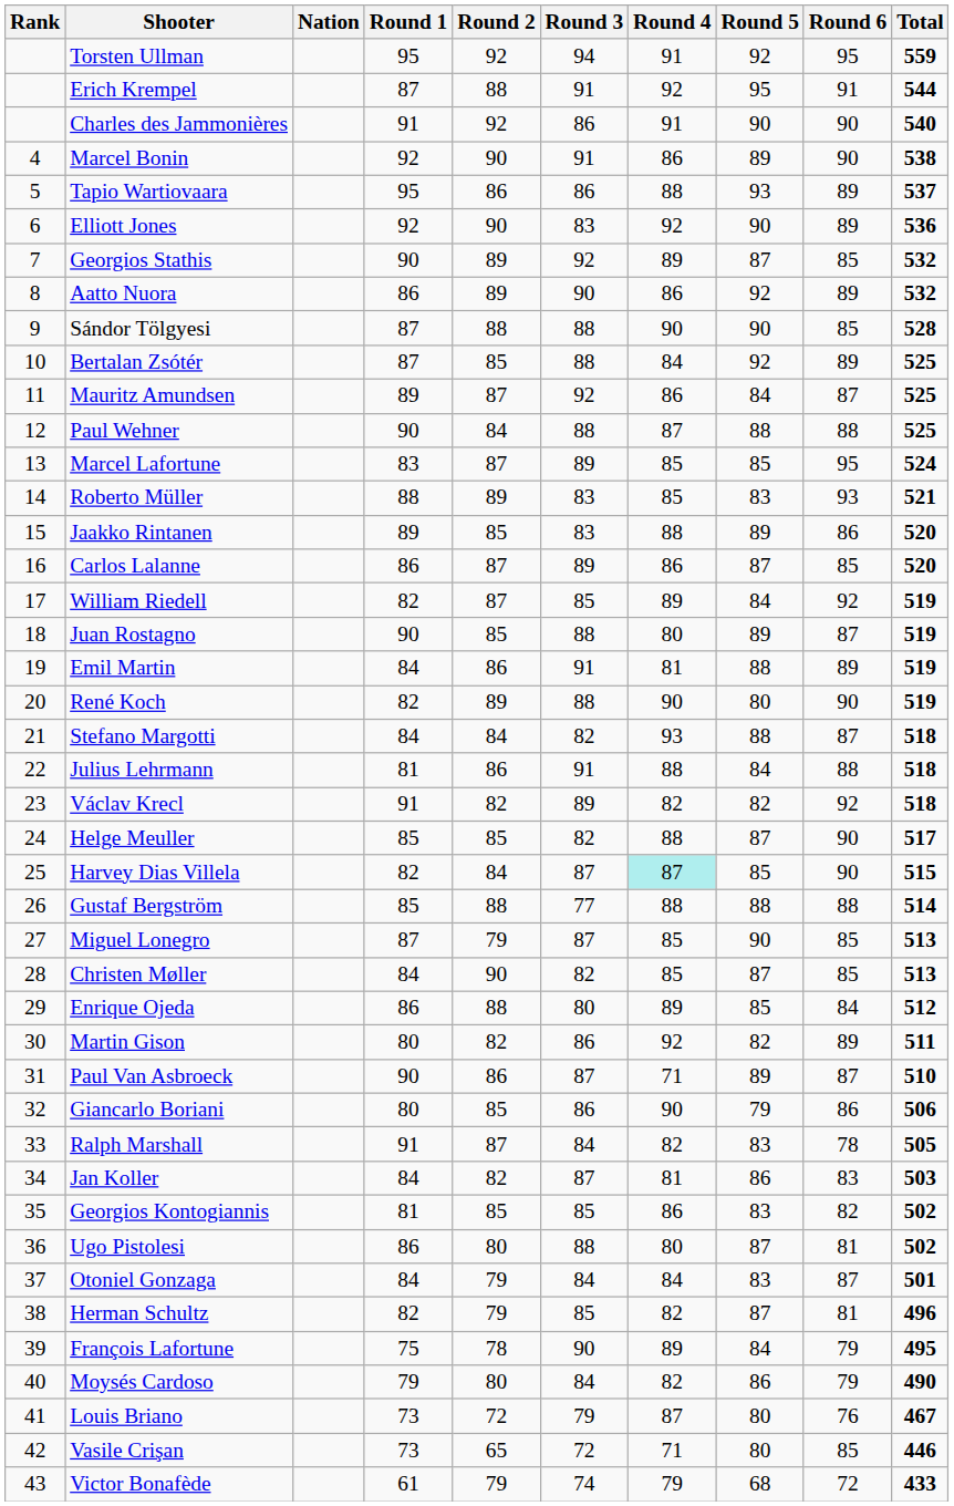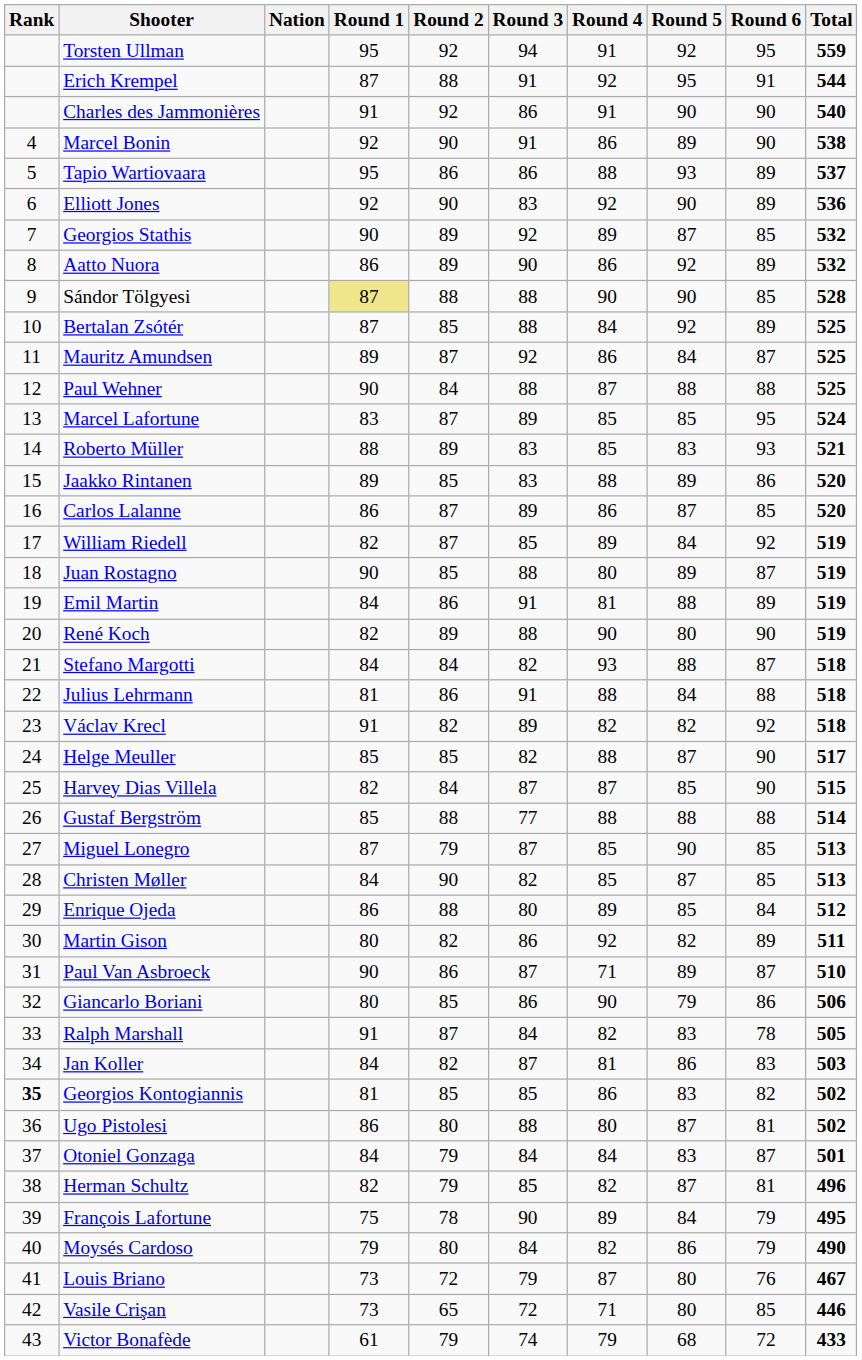 <table class="wikitable sortable" style="text-align:center">
 <tr>
 <th>Rank</th>
 <th>Shooter</th>
 <th>Nation</th>
 <th>Round 1</th>
 <th>Round 2</th>
 <th>Round 3</th>
 <th>Round 4</th>
 <th>Round 5</th>
 <th>Round 6</th>
 <th>Total</th>
 </tr>
 <tr>
 <td></td>
 <td align=left><a href='#'>Torsten Ullman</a></td>
 <td align=left></td>
 <td>95</td>
 <td>92</td>
 <td>94</td>
 <td>91</td>
 <td>92</td>
 <td>95</td>
 <td><strong>559</strong></td>
 </tr>
 <tr>
 <td></td>
 <td align=left><a href='#'>Erich Krempel</a></td>
 <td align=left></td>
 <td>87</td>
 <td>88</td>
 <td>91</td>
 <td>92</td>
 <td>95</td>
 <td>91</td>
 <td><strong>544</strong></td>
 </tr>
 <tr>
 <td></td>
 <td align=left><a href='#'>Charles des Jammonières</a></td>
 <td align=left></td>
 <td>91</td>
 <td>92</td>
 <td>86</td>
 <td>91</td>
 <td>90</td>
 <td>90</td>
 <td><strong>540</strong></td>
 </tr>
 <tr>
 <td>4</td>
 <td align=left><a href='#'>Marcel Bonin</a></td>
 <td align=left></td>
 <td>92</td>
 <td>90</td>
 <td>91</td>
 <td>86</td>
 <td>89</td>
 <td>90</td>
 <td><strong>538</strong></td>
 </tr>
 <tr>
 <td>5</td>
 <td align=left><a href='#'>Tapio Wartiovaara</a></td>
 <td align=left></td>
 <td>95</td>
 <td>86</td>
 <td>86</td>
 <td>88</td>
 <td>93</td>
 <td>89</td>
 <td><strong>537</strong></td>
 </tr>
 <tr>
 <td>6</td>
 <td align=left><a href='#'>Elliott Jones</a></td>
 <td align=left></td>
 <td>92</td>
 <td>90</td>
 <td>83</td>
 <td>92</td>
 <td>90</td>
 <td>89</td>
 <td><strong>536</strong></td>
 </tr>
 <tr>
 <td>7</td>
 <td align=left><a href='#'>Georgios Stathis</a></td>
 <td align=left></td>
 <td>90</td>
 <td>89</td>
 <td>92</td>
 <td>89</td>
 <td>87</td>
 <td>85</td>
 <td><strong>532</strong></td>
 </tr>
 <tr>
 <td>8</td>
 <td align=left><a href='#'>Aatto Nuora</a></td>
 <td align=left></td>
 <td>86</td>
 <td>89</td>
 <td>90</td>
 <td>86</td>
 <td>92</td>
 <td>89</td>
 <td><strong>532</strong></td>
 </tr>
 <tr>
 <td>9</td>
 <td align=left>Sándor Tölgyesi</td>
 <td align=left></td>
-<td>87</td>
+<td style="background: khaki;">87</td>
 <td>88</td>
 <td>88</td>
 <td>90</td>
 <td>90</td>
 <td>85</td>
 <td><strong>528</strong></td>
 </tr>
 <tr>
 <td>10</td>
 <td align=left><a href='#'>Bertalan Zsótér</a></td>
 <td align=left></td>
 <td>87</td>
 <td>85</td>
 <td>88</td>
 <td>84</td>
 <td>92</td>
 <td>89</td>
 <td><strong>525</strong></td>
 </tr>
 <tr>
 <td>11</td>
 <td align=left><a href='#'>Mauritz Amundsen</a></td>
 <td align=left></td>
 <td>89</td>
 <td>87</td>
 <td>92</td>
 <td>86</td>
 <td>84</td>
 <td>87</td>
 <td><strong>525</strong></td>
 </tr>
 <tr>
 <td>12</td>
 <td align=left><a href='#'>Paul Wehner</a></td>
 <td align=left></td>
 <td>90</td>
 <td>84</td>
 <td>88</td>
 <td>87</td>
 <td>88</td>
 <td>88</td>
 <td><strong>525</strong></td>
 </tr>
 <tr>
 <td>13</td>
 <td align=left><a href='#'>Marcel Lafortune</a></td>
 <td align=left></td>
 <td>83</td>
 <td>87</td>
 <td>89</td>
 <td>85</td>
 <td>85</td>
 <td>95</td>
 <td><strong>524</strong></td>
 </tr>
 <tr>
 <td>14</td>
 <td align=left><a href='#'>Roberto Müller</a></td>
 <td align=left></td>
 <td>88</td>
 <td>89</td>
 <td>83</td>
 <td>85</td>
 <td>83</td>
 <td>93</td>
 <td><strong>521</strong></td>
 </tr>
 <tr>
 <td>15</td>
 <td align=left><a href='#'>Jaakko Rintanen</a></td>
 <td align=left></td>
 <td>89</td>
 <td>85</td>
 <td>83</td>
 <td>88</td>
 <td>89</td>
 <td>86</td>
 <td><strong>520</strong></td>
 </tr>
 <tr>
 <td>16</td>
 <td align=left><a href='#'>Carlos Lalanne</a></td>
 <td align=left></td>
 <td>86</td>
 <td>87</td>
 <td>89</td>
 <td>86</td>
 <td>87</td>
 <td>85</td>
 <td><strong>520</strong></td>
 </tr>
 <tr>
 <td>17</td>
 <td align=left><a href='#'>William Riedell</a></td>
 <td align=left></td>
 <td>82</td>
 <td>87</td>
 <td>85</td>
 <td>89</td>
 <td>84</td>
 <td>92</td>
 <td><strong>519</strong></td>
 </tr>
 <tr>
 <td>18</td>
 <td align=left><a href='#'>Juan Rostagno</a></td>
 <td align=left></td>
 <td>90</td>
 <td>85</td>
 <td>88</td>
 <td>80</td>
 <td>89</td>
 <td>87</td>
 <td><strong>519</strong></td>
 </tr>
 <tr>
 <td>19</td>
 <td align=left><a href='#'>Emil Martin</a></td>
 <td align=left></td>
 <td>84</td>
 <td>86</td>
 <td>91</td>
 <td>81</td>
 <td>88</td>
 <td>89</td>
 <td><strong>519</strong></td>
 </tr>
 <tr>
 <td>20</td>
 <td align=left><a href='#'>René Koch</a></td>
 <td align=left></td>
 <td>82</td>
 <td>89</td>
 <td>88</td>
 <td>90</td>
 <td>80</td>
 <td>90</td>
 <td><strong>519</strong></td>
 </tr>
 <tr>
 <td>21</td>
 <td align=left><a href='#'>Stefano Margotti</a></td>
 <td align=left></td>
 <td>84</td>
 <td>84</td>
 <td>82</td>
 <td>93</td>
 <td>88</td>
 <td>87</td>
 <td><strong>518</strong></td>
 </tr>
 <tr>
 <td>22</td>
 <td align=left><a href='#'>Julius Lehrmann</a></td>
 <td align=left></td>
 <td>81</td>
 <td>86</td>
 <td>91</td>
 <td>88</td>
 <td>84</td>
 <td>88</td>
 <td><strong>518</strong></td>
 </tr>
 <tr>
 <td>23</td>
 <td align=left><a href='#'>Václav Krecl</a></td>
 <td align=left></td>
 <td>91</td>
 <td>82</td>
 <td>89</td>
 <td>82</td>
 <td>82</td>
 <td>92</td>
 <td><strong>518</strong></td>
 </tr>
 <tr>
 <td>24</td>
 <td align=left><a href='#'>Helge Meuller</a></td>
 <td align=left></td>
 <td>85</td>
 <td>85</td>
 <td>82</td>
 <td>88</td>
 <td>87</td>
 <td>90</td>
 <td><strong>517</strong></td>
 </tr>
 <tr>
 <td>25</td>
 <td align=left><a href='#'>Harvey Dias Villela</a></td>
 <td align=left></td>
 <td>82</td>
 <td>84</td>
 <td>87</td>
-<td style="background: paleturquoise;">87</td>
+<td>87</td>
 <td>85</td>
 <td>90</td>
 <td><strong>515</strong></td>
 </tr>
 <tr>
 <td>26</td>
 <td align=left><a href='#'>Gustaf Bergström</a></td>
 <td align=left></td>
 <td>85</td>
 <td>88</td>
 <td>77</td>
 <td>88</td>
 <td>88</td>
 <td>88</td>
 <td><strong>514</strong></td>
 </tr>
 <tr>
 <td>27</td>
 <td align=left><a href='#'>Miguel Lonegro</a></td>
 <td align=left></td>
 <td>87</td>
 <td>79</td>
 <td>87</td>
 <td>85</td>
 <td>90</td>
 <td>85</td>
 <td><strong>513</strong></td>
 </tr>
 <tr>
 <td>28</td>
 <td align=left><a href='#'>Christen Møller</a></td>
 <td align=left></td>
 <td>84</td>
 <td>90</td>
 <td>82</td>
 <td>85</td>
 <td>87</td>
 <td>85</td>
 <td><strong>513</strong></td>
 </tr>
 <tr>
 <td>29</td>
 <td align=left><a href='#'>Enrique Ojeda</a></td>
 <td align=left></td>
 <td>86</td>
 <td>88</td>
 <td>80</td>
 <td>89</td>
 <td>85</td>
 <td>84</td>
 <td><strong>512</strong></td>
 </tr>
 <tr>
 <td>30</td>
 <td align=left><a href='#'>Martin Gison</a></td>
 <td align=left></td>
 <td>80</td>
 <td>82</td>
 <td>86</td>
 <td>92</td>
 <td>82</td>
 <td>89</td>
 <td><strong>511</strong></td>
 </tr>
 <tr>
 <td>31</td>
 <td align=left><a href='#'>Paul Van Asbroeck</a></td>
 <td align=left></td>
 <td>90</td>
 <td>86</td>
 <td>87</td>
 <td>71</td>
 <td>89</td>
 <td>87</td>
 <td><strong>510</strong></td>
 </tr>
 <tr>
 <td>32</td>
 <td align=left><a href='#'>Giancarlo Boriani</a></td>
 <td align=left></td>
 <td>80</td>
 <td>85</td>
 <td>86</td>
 <td>90</td>
 <td>79</td>
 <td>86</td>
 <td><strong>506</strong></td>
 </tr>
 <tr>
 <td>33</td>
 <td align=left><a href='#'>Ralph Marshall</a></td>
 <td align=left></td>
 <td>91</td>
 <td>87</td>
 <td>84</td>
 <td>82</td>
 <td>83</td>
 <td>78</td>
 <td><strong>505</strong></td>
 </tr>
 <tr>
 <td>34</td>
 <td align=left><a href='#'>Jan Koller</a></td>
 <td align=left></td>
 <td>84</td>
 <td>82</td>
 <td>87</td>
 <td>81</td>
 <td>86</td>
 <td>83</td>
 <td><strong>503</strong></td>
 </tr>
 <tr>
-<td>35</td>
+<td><strong>35</strong></td>
 <td align=left><a href='#'>Georgios Kontogiannis</a></td>
 <td align=left></td>
 <td>81</td>
 <td>85</td>
 <td>85</td>
 <td>86</td>
 <td>83</td>
 <td>82</td>
 <td><strong>502</strong></td>
 </tr>
 <tr>
 <td>36</td>
 <td align=left><a href='#'>Ugo Pistolesi</a></td>
 <td align=left></td>
 <td>86</td>
 <td>80</td>
 <td>88</td>
 <td>80</td>
 <td>87</td>
 <td>81</td>
 <td><strong>502</strong></td>
 </tr>
 <tr>
 <td>37</td>
 <td align=left><a href='#'>Otoniel Gonzaga</a></td>
 <td align=left></td>
 <td>84</td>
 <td>79</td>
 <td>84</td>
 <td>84</td>
 <td>83</td>
 <td>87</td>
 <td><strong>501</strong></td>
 </tr>
 <tr>
 <td>38</td>
 <td align=left><a href='#'>Herman Schultz</a></td>
 <td align=left></td>
 <td>82</td>
 <td>79</td>
 <td>85</td>
 <td>82</td>
 <td>87</td>
 <td>81</td>
 <td><strong>496</strong></td>
 </tr>
 <tr>
 <td>39</td>
 <td align=left><a href='#'>François Lafortune</a></td>
 <td align=left></td>
 <td>75</td>
 <td>78</td>
 <td>90</td>
 <td>89</td>
 <td>84</td>
 <td>79</td>
 <td><strong>495</strong></td>
 </tr>
 <tr>
 <td>40</td>
 <td align=left><a href='#'>Moysés Cardoso</a></td>
 <td align=left></td>
 <td>79</td>
 <td>80</td>
 <td>84</td>
 <td>82</td>
 <td>86</td>
 <td>79</td>
 <td><strong>490</strong></td>
 </tr>
 <tr>
 <td>41</td>
 <td align=left><a href='#'>Louis Briano</a></td>
 <td align=left></td>
 <td>73</td>
 <td>72</td>
 <td>79</td>
 <td>87</td>
 <td>80</td>
 <td>76</td>
 <td><strong>467</strong></td>
 </tr>
 <tr>
 <td>42</td>
 <td align=left><a href='#'>Vasile Crişan</a></td>
 <td align=left></td>
 <td>73</td>
 <td>65</td>
 <td>72</td>
 <td>71</td>
 <td>80</td>
 <td>85</td>
 <td><strong>446</strong></td>
 </tr>
 <tr>
 <td>43</td>
 <td align=left><a href='#'>Victor Bonafède</a></td>
 <td align=left></td>
 <td>61</td>
 <td>79</td>
 <td>74</td>
 <td>79</td>
 <td>68</td>
 <td>72</td>
 <td><strong>433</strong></td>
 </tr>
 </table>
